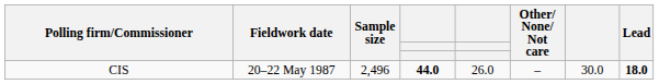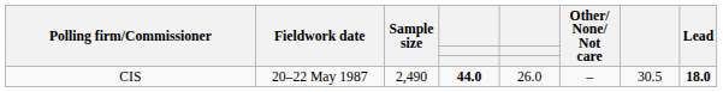 <table class="wikitable collapsible collapsed" style="text-align:center; font-size:90%; line-height:14px;">
 <tr style="height:42px;">
 <th style="width:250px;" rowspan="3">Polling firm/Commissioner</th>
 <th style="width:125px;" rowspan="3">Fieldwork date</th>
 <th style="width:50px;" rowspan="3">Sample size</th>
 <th style="width:55px;"></th>
 <th style="width:55px;"></th>
 <th style="width:55px;" rowspan="3">Other/<br>None/<br>Not<br>care</th>
 <th style="width:55px;" rowspan="3"></th>
 <th style="width:30px;" rowspan="3">Lead</th>
 </tr>
 <tr>
 <th style="color:inherit;background:"></th>
 <th style="color:inherit;background:"></th>
 </tr>
 <tr>
 <th></th>
 <th></th>
 </tr>
 <tr>
 <td>CIS</td>
 <td>20–22 May 1987</td>
-<td>2,496</td>
+<td>2,490</td>
 <td><strong>44.0</strong></td>
 <td>26.0</td>
 <td>–</td>
-<td>30.0</td>
+<td>30.5</td>
 <td style="background:"><strong>18.0</strong></td>
 </tr>
 </table>
